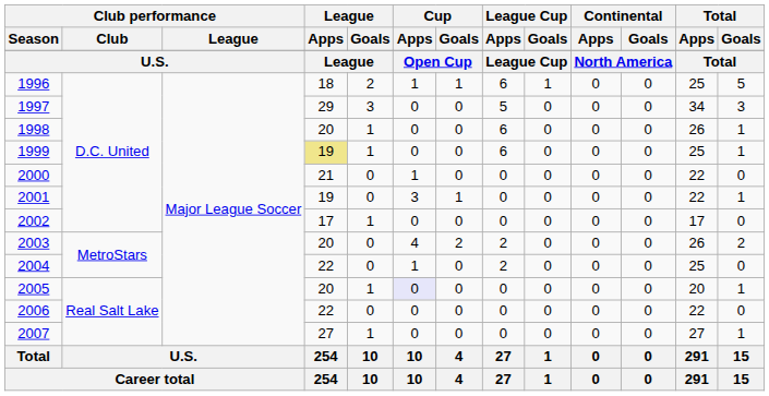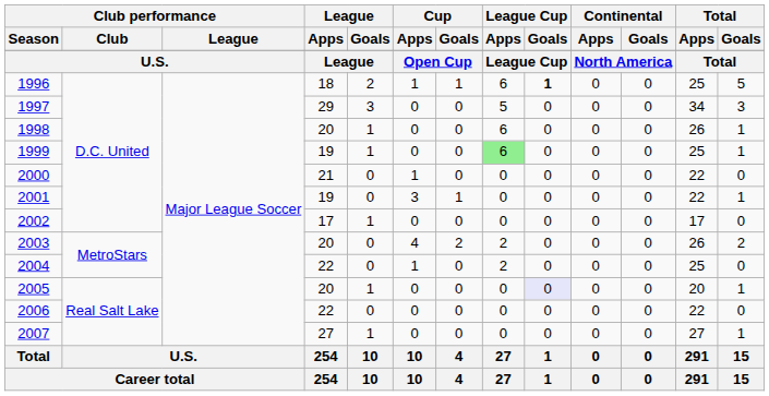 <table class="wikitable" style="text-align:center">
 <tr>
 <th colspan=3>Club performance</th>
 <th colspan=2>League</th>
 <th colspan=2>Cup</th>
 <th colspan=2>League Cup</th>
 <th colspan=2>Continental</th>
 <th colspan=2>Total</th>
 </tr>
 <tr>
 <th>Season</th>
 <th>Club</th>
 <th>League</th>
 <th>Apps</th>
 <th>Goals</th>
 <th>Apps</th>
 <th>Goals</th>
 <th>Apps</th>
 <th>Goals</th>
 <th>Apps</th>
 <th>Goals</th>
 <th>Apps</th>
 <th>Goals</th>
 </tr>
 <tr>
 </tr>
 <tr>
 <th colspan=3>U.S.</th>
 <th colspan=2>League</th>
 <th colspan=2><a href='#'>Open Cup</a></th>
 <th colspan=2>League Cup</th>
 <th colspan=2><a href='#'>North America</a></th>
 <th colspan=2>Total</th>
 </tr>
 <tr>
 <td><a href='#'>1996</a></td>
 <td rowspan="7"><a href='#'>D.C. United</a></td>
 <td rowspan="12"><a href='#'>Major League Soccer</a></td>
 <td>18</td>
 <td>2</td>
 <td>1</td>
 <td>1</td>
 <td>6</td>
-<td>1</td>
+<td><strong>1</strong></td>
 <td>0</td>
 <td>0</td>
 <td>25</td>
 <td>5</td>
 </tr>
 <tr>
 <td><a href='#'>1997</a></td>
 <td>29</td>
 <td>3</td>
 <td>0</td>
 <td>0</td>
 <td>5</td>
 <td>0</td>
 <td>0</td>
 <td>0</td>
 <td>34</td>
 <td>3</td>
 </tr>
 <tr>
 <td><a href='#'>1998</a></td>
 <td>20</td>
 <td>1</td>
 <td>0</td>
 <td>0</td>
 <td>6</td>
 <td>0</td>
 <td>0</td>
 <td>0</td>
 <td>26</td>
 <td>1</td>
 </tr>
 <tr>
 <td><a href='#'>1999</a></td>
-<td style="background: khaki;">19</td>
+<td>19</td>
 <td>1</td>
 <td>0</td>
 <td>0</td>
-<td>6</td>
+<td style="background: lightgreen;">6</td>
 <td>0</td>
 <td>0</td>
 <td>0</td>
 <td>25</td>
 <td>1</td>
 </tr>
 <tr>
 <td><a href='#'>2000</a></td>
 <td>21</td>
 <td>0</td>
 <td>1</td>
 <td>0</td>
 <td>0</td>
 <td>0</td>
 <td>0</td>
 <td>0</td>
 <td>22</td>
 <td>0</td>
 </tr>
 <tr>
 <td><a href='#'>2001</a></td>
 <td>19</td>
 <td>0</td>
 <td>3</td>
 <td>1</td>
 <td>0</td>
 <td>0</td>
 <td>0</td>
 <td>0</td>
 <td>22</td>
 <td>1</td>
 </tr>
 <tr>
 <td><a href='#'>2002</a></td>
 <td>17</td>
 <td>1</td>
 <td>0</td>
 <td>0</td>
 <td>0</td>
 <td>0</td>
 <td>0</td>
 <td>0</td>
 <td>17</td>
 <td>0</td>
 </tr>
 <tr>
 <td><a href='#'>2003</a></td>
 <td rowspan="2"><a href='#'>MetroStars</a></td>
 <td>20</td>
 <td>0</td>
 <td>4</td>
 <td>2</td>
 <td>2</td>
 <td>0</td>
 <td>0</td>
 <td>0</td>
 <td>26</td>
 <td>2</td>
 </tr>
 <tr>
 <td><a href='#'>2004</a></td>
 <td>22</td>
 <td>0</td>
 <td>1</td>
 <td>0</td>
 <td>2</td>
 <td>0</td>
 <td>0</td>
 <td>0</td>
 <td>25</td>
 <td>0</td>
 </tr>
 <tr>
 <td><a href='#'>2005</a></td>
 <td rowspan="3"><a href='#'>Real Salt Lake</a></td>
 <td>20</td>
 <td>1</td>
-<td style="background: lavender;">0</td>
 <td>0</td>
 <td>0</td>
 <td>0</td>
+<td style="background: lavender;">0</td>
 <td>0</td>
 <td>0</td>
 <td>20</td>
 <td>1</td>
 </tr>
 <tr>
 <td><a href='#'>2006</a></td>
 <td>22</td>
 <td>0</td>
 <td>0</td>
 <td>0</td>
 <td>0</td>
 <td>0</td>
 <td>0</td>
 <td>0</td>
 <td>22</td>
 <td>0</td>
 </tr>
 <tr>
 <td><a href='#'>2007</a></td>
 <td>27</td>
 <td>1</td>
 <td>0</td>
 <td>0</td>
 <td>0</td>
 <td>0</td>
 <td>0</td>
 <td>0</td>
 <td>27</td>
 <td>1</td>
 </tr>
 <tr>
 <th rowspan=1>Total</th>
 <th colspan=2>U.S.</th>
 <th>254</th>
 <th>10</th>
 <th>10</th>
 <th>4</th>
 <th>27</th>
 <th>1</th>
 <th>0</th>
 <th>0</th>
 <th>291</th>
 <th>15</th>
 </tr>
 <tr>
 <th colspan=3>Career total</th>
 <th>254</th>
 <th>10</th>
 <th>10</th>
 <th>4</th>
 <th>27</th>
 <th>1</th>
 <th>0</th>
 <th>0</th>
 <th>291</th>
 <th>15</th>
 </tr>
 </table>
